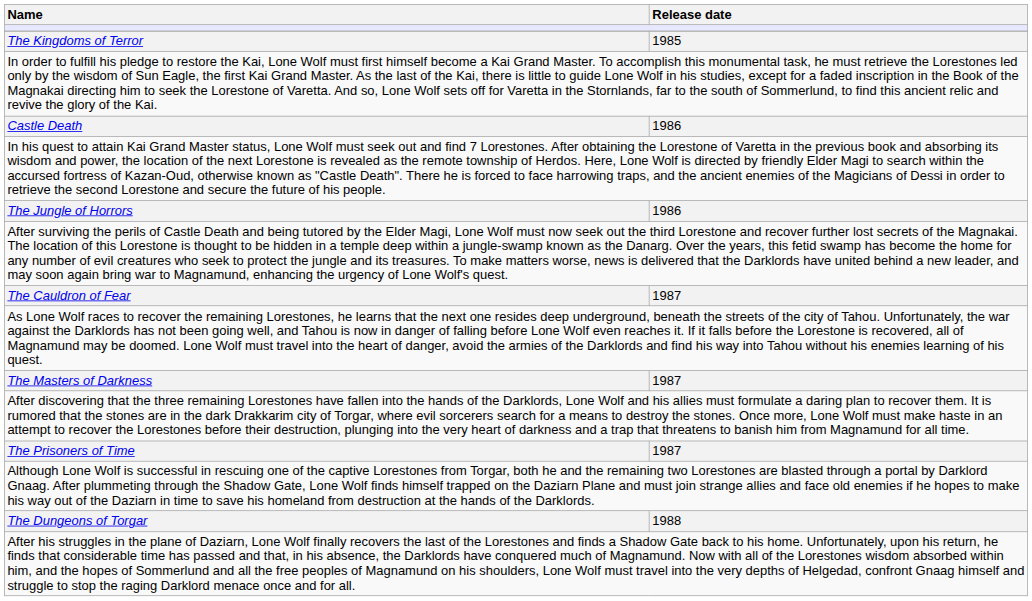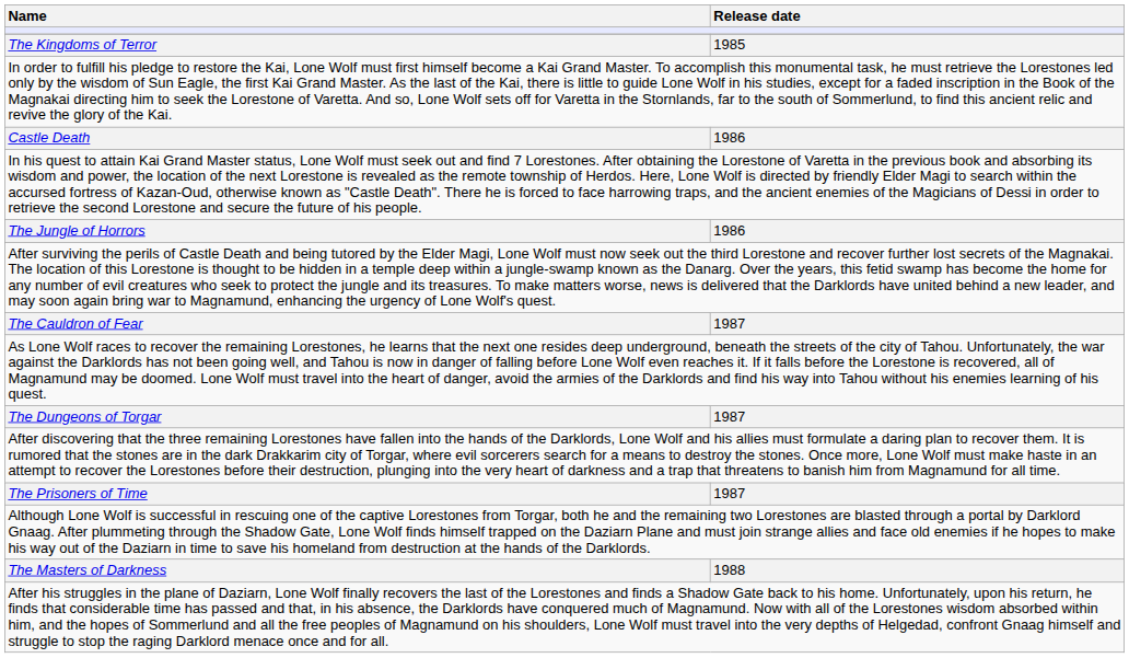 <table class="wikitable" width="100%">
 <tr>
 <th style="text-align:left;">Name</th>
 <th style="text-align:left;">Release date</th>
 </tr>
 <tr>
 <td colspan="2" bgcolor="#e6e9ff"></td>
 </tr>
 <tr>
 </tr>
 <tr bgcolor="#F2F2F2" align="left">
 <td><em><a href='#'>The Kingdoms of Terror</a></em></td>
 <td>1985</td>
 </tr>
 <tr>
 <td colspan="2" style="border: none; vertical-align: top;">In order to fulfill his pledge to restore the Kai, Lone Wolf must first himself become a Kai Grand Master. To accomplish this monumental task, he must retrieve the Lorestones led only by the wisdom of Sun Eagle, the first Kai Grand Master. As the last of the Kai, there is little to guide Lone Wolf in his studies, except for a faded inscription in the Book of the Magnakai directing him to seek the Lorestone of Varetta. And so, Lone Wolf sets off for Varetta in the Stornlands, far to the south of Sommerlund, to find this ancient relic and revive the glory of the Kai.</td>
 </tr>
 <tr bgcolor="#F2F2F2" align="left">
 <td><em><a href='#'>Castle Death</a></em></td>
 <td>1986</td>
 </tr>
 <tr>
 <td colspan="2" style="border: none; vertical-align: top;">In his quest to attain Kai Grand Master status, Lone Wolf must seek out and find 7 Lorestones. After obtaining the Lorestone of Varetta in the previous book and absorbing its wisdom and power, the location of the next Lorestone is revealed as the remote township of Herdos. Here, Lone Wolf is directed by friendly Elder Magi to search within the accursed fortress of Kazan-Oud, otherwise known as "Castle Death". There he is forced to face harrowing traps, and the ancient enemies of the Magicians of Dessi in order to retrieve the second Lorestone and secure the future of his people.</td>
 </tr>
 <tr bgcolor="#F2F2F2" align="left">
 <td><em><a href='#'>The Jungle of Horrors</a></em></td>
 <td>1986</td>
 </tr>
 <tr>
 <td colspan="2" style="border: none; vertical-align: top;">After surviving the perils of Castle Death and being tutored by the Elder Magi, Lone Wolf must now seek out the third Lorestone and recover further lost secrets of the Magnakai. The location of this Lorestone is thought to be hidden in a temple deep within a jungle-swamp known as the Danarg. Over the years, this fetid swamp has become the home for any number of evil creatures who seek to protect the jungle and its treasures. To make matters worse, news is delivered that the Darklords have united behind a new leader, and may soon again bring war to Magnamund, enhancing the urgency of Lone Wolf's quest.</td>
 </tr>
 <tr bgcolor="#F2F2F2" align="left">
 <td><em><a href='#'>The Cauldron of Fear</a></em></td>
 <td>1987</td>
 </tr>
 <tr>
 <td colspan="2" style="border: none; vertical-align: top;">As Lone Wolf races to recover the remaining Lorestones, he learns that the next one resides deep underground, beneath the streets of the city of Tahou. Unfortunately, the war against the Darklords has not been going well, and Tahou is now in danger of falling before Lone Wolf even reaches it. If it falls before the Lorestone is recovered, all of Magnamund may be doomed. Lone Wolf must travel into the heart of danger, avoid the armies of the Darklords and find his way into Tahou without his enemies learning of his quest.</td>
 </tr>
 <tr bgcolor="#F2F2F2" align="left">
-<td><em><a href='#'>The Masters of Darkness</a></em></td>
+<td><em><a href='#'>The Dungeons of Torgar</a></em></td>
 <td>1987</td>
 </tr>
 <tr>
 <td colspan="2" style="border: none; vertical-align: top;">After discovering that the three remaining Lorestones have fallen into the hands of the Darklords, Lone Wolf and his allies must formulate a daring plan to recover them. It is rumored that the stones are in the dark Drakkarim city of Torgar, where evil sorcerers search for a means to destroy the stones. Once more, Lone Wolf must make haste in an attempt to recover the Lorestones before their destruction, plunging into the very heart of darkness and a trap that threatens to banish him from Magnamund for all time.</td>
 </tr>
 <tr bgcolor="#F2F2F2" align="left">
 <td><em><a href='#'>The Prisoners of Time</a></em></td>
 <td>1987</td>
 </tr>
 <tr>
 <td colspan="2" style="border: none; vertical-align: top;">Although Lone Wolf is successful in rescuing one of the captive Lorestones from Torgar, both he and the remaining two Lorestones are blasted through a portal by Darklord Gnaag. After plummeting through the Shadow Gate, Lone Wolf finds himself trapped on the Daziarn Plane and must join strange allies and face old enemies if he hopes to make his way out of the Daziarn in time to save his homeland from destruction at the hands of the Darklords.</td>
 </tr>
 <tr bgcolor="#F2F2F2" align="left">
-<td><em><a href='#'>The Dungeons of Torgar</a></em></td>
+<td><em><a href='#'>The Masters of Darkness</a></em></td>
 <td>1988</td>
 </tr>
 <tr>
 <td colspan="2" style="border: none; vertical-align: top;">After his struggles in the plane of Daziarn, Lone Wolf finally recovers the last of the Lorestones and finds a Shadow Gate back to his home. Unfortunately, upon his return, he finds that considerable time has passed and that, in his absence, the Darklords have conquered much of Magnamund. Now with all of the Lorestones wisdom absorbed within him, and the hopes of Sommerlund and all the free peoples of Magnamund on his shoulders, Lone Wolf must travel into the very depths of Helgedad, confront Gnaag himself and struggle to stop the raging Darklord menace once and for all.</td>
 </tr>
 </table>
